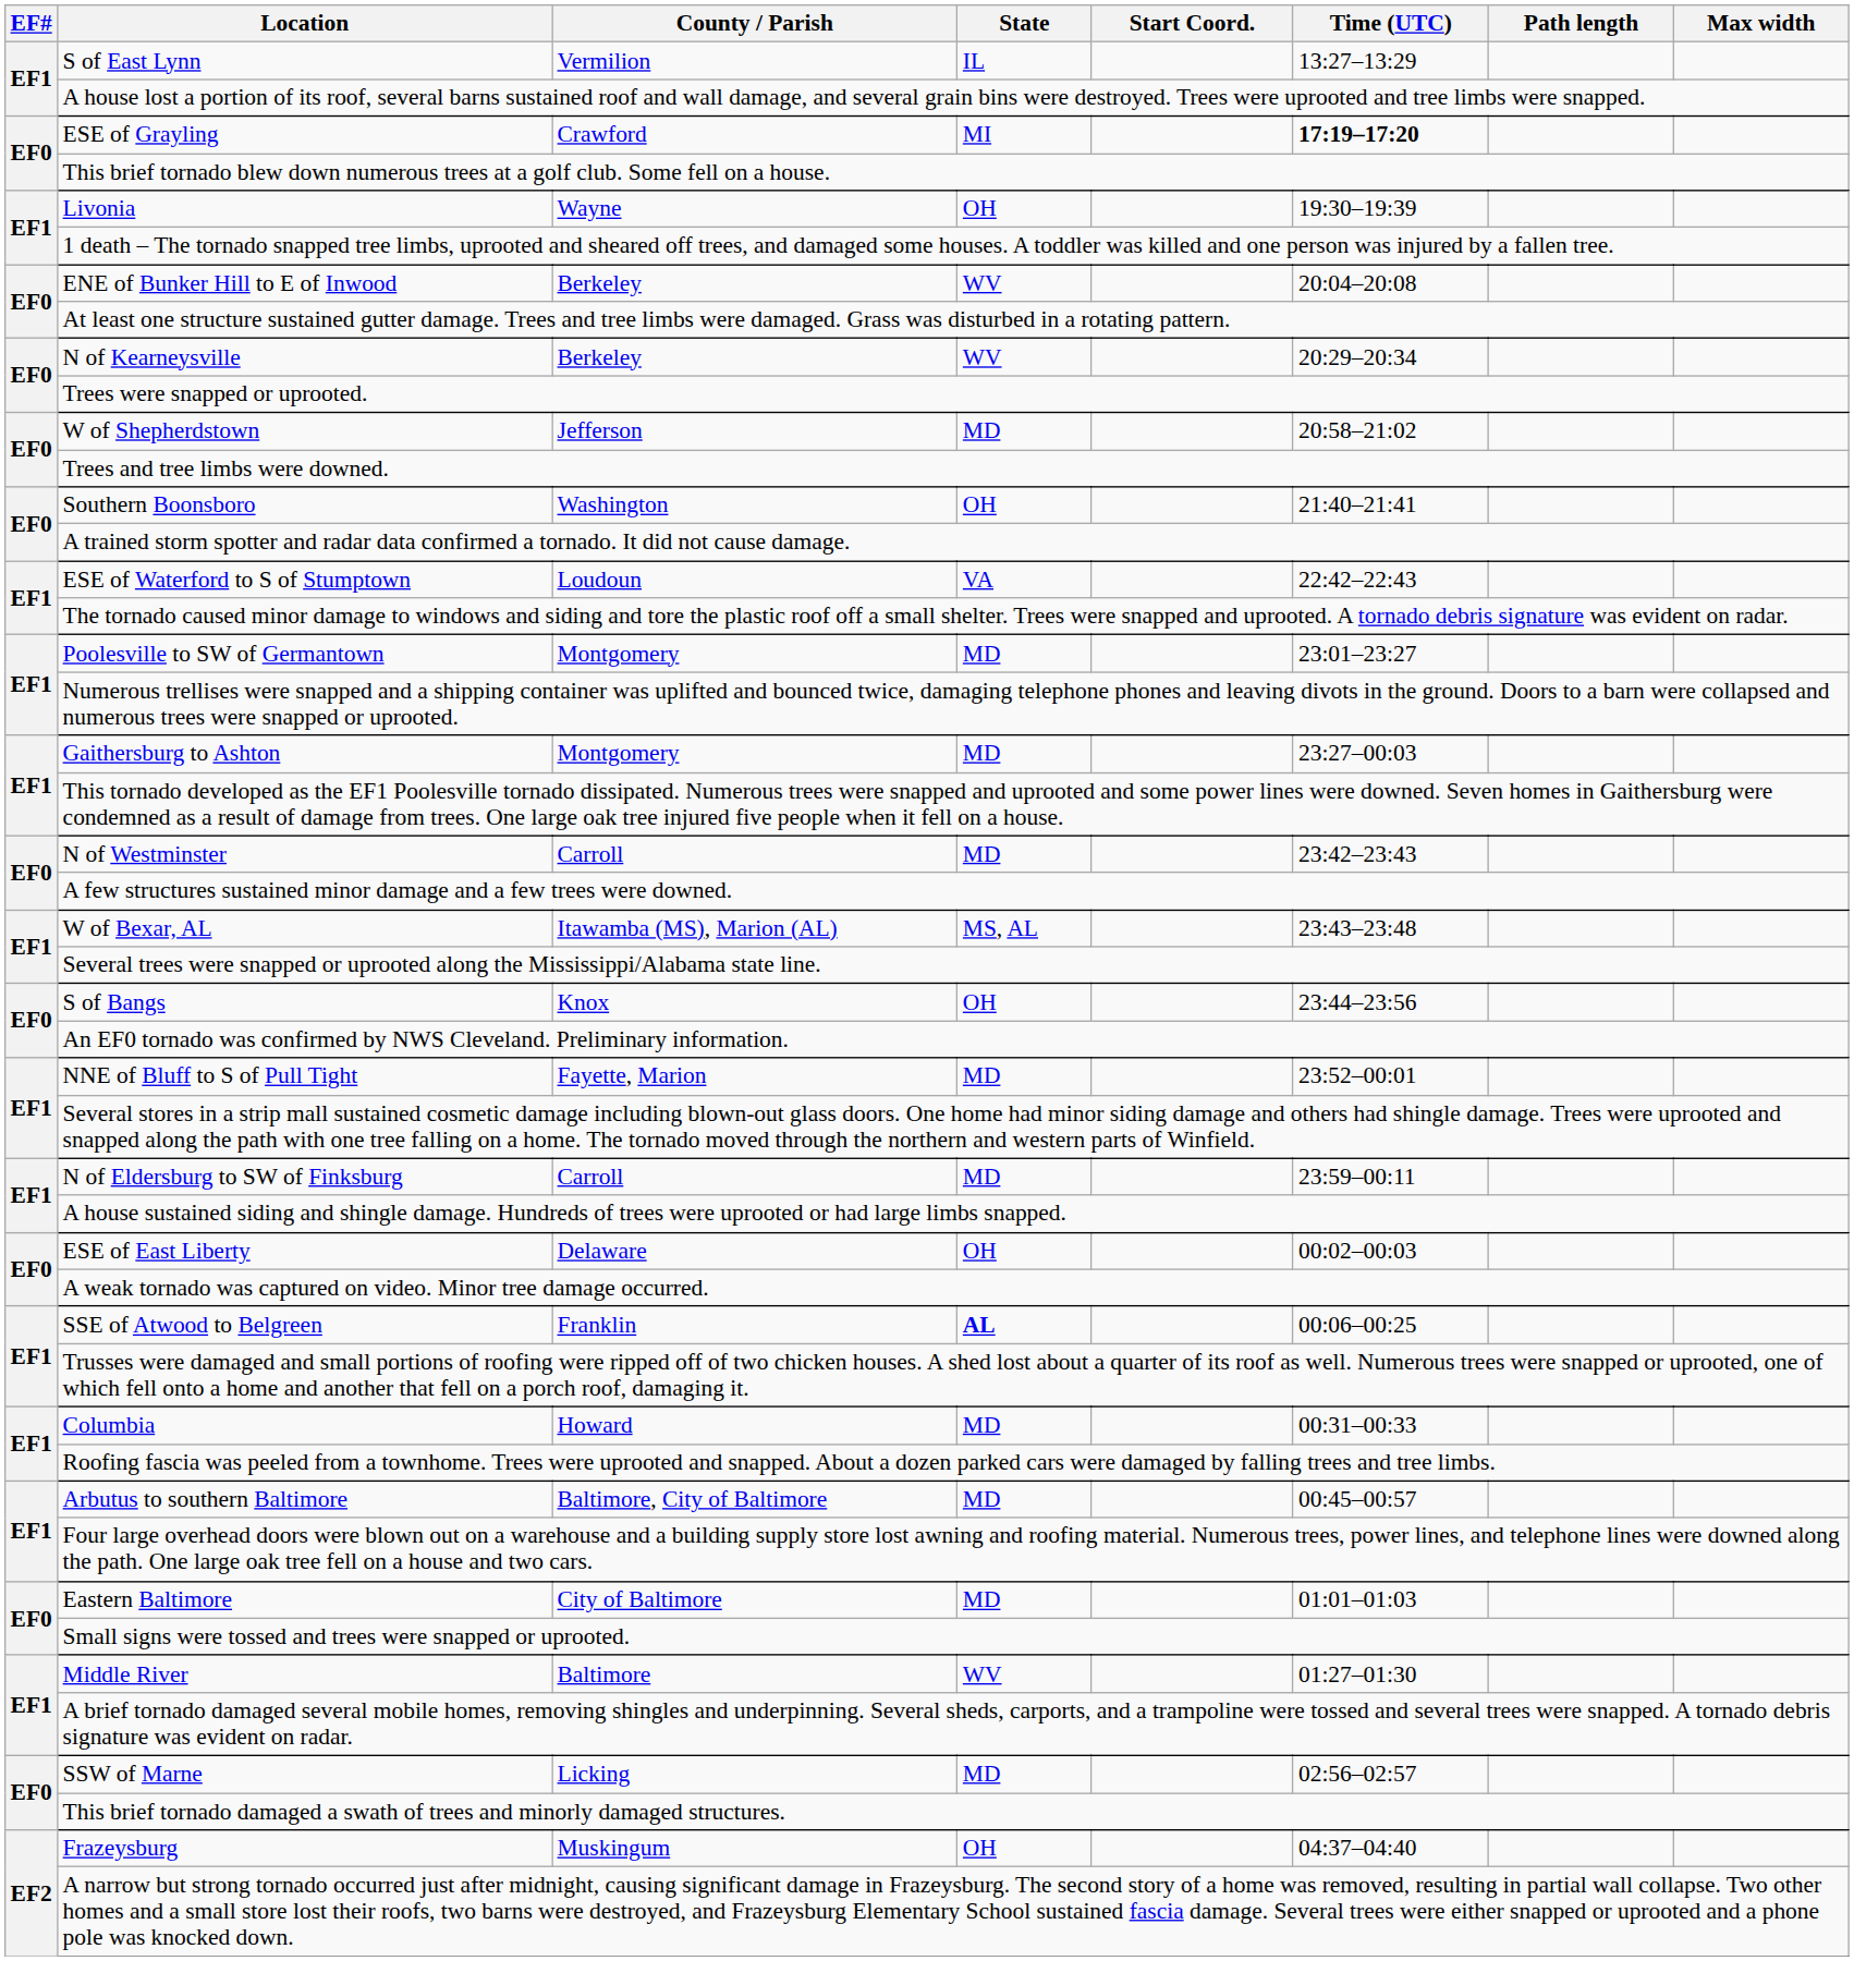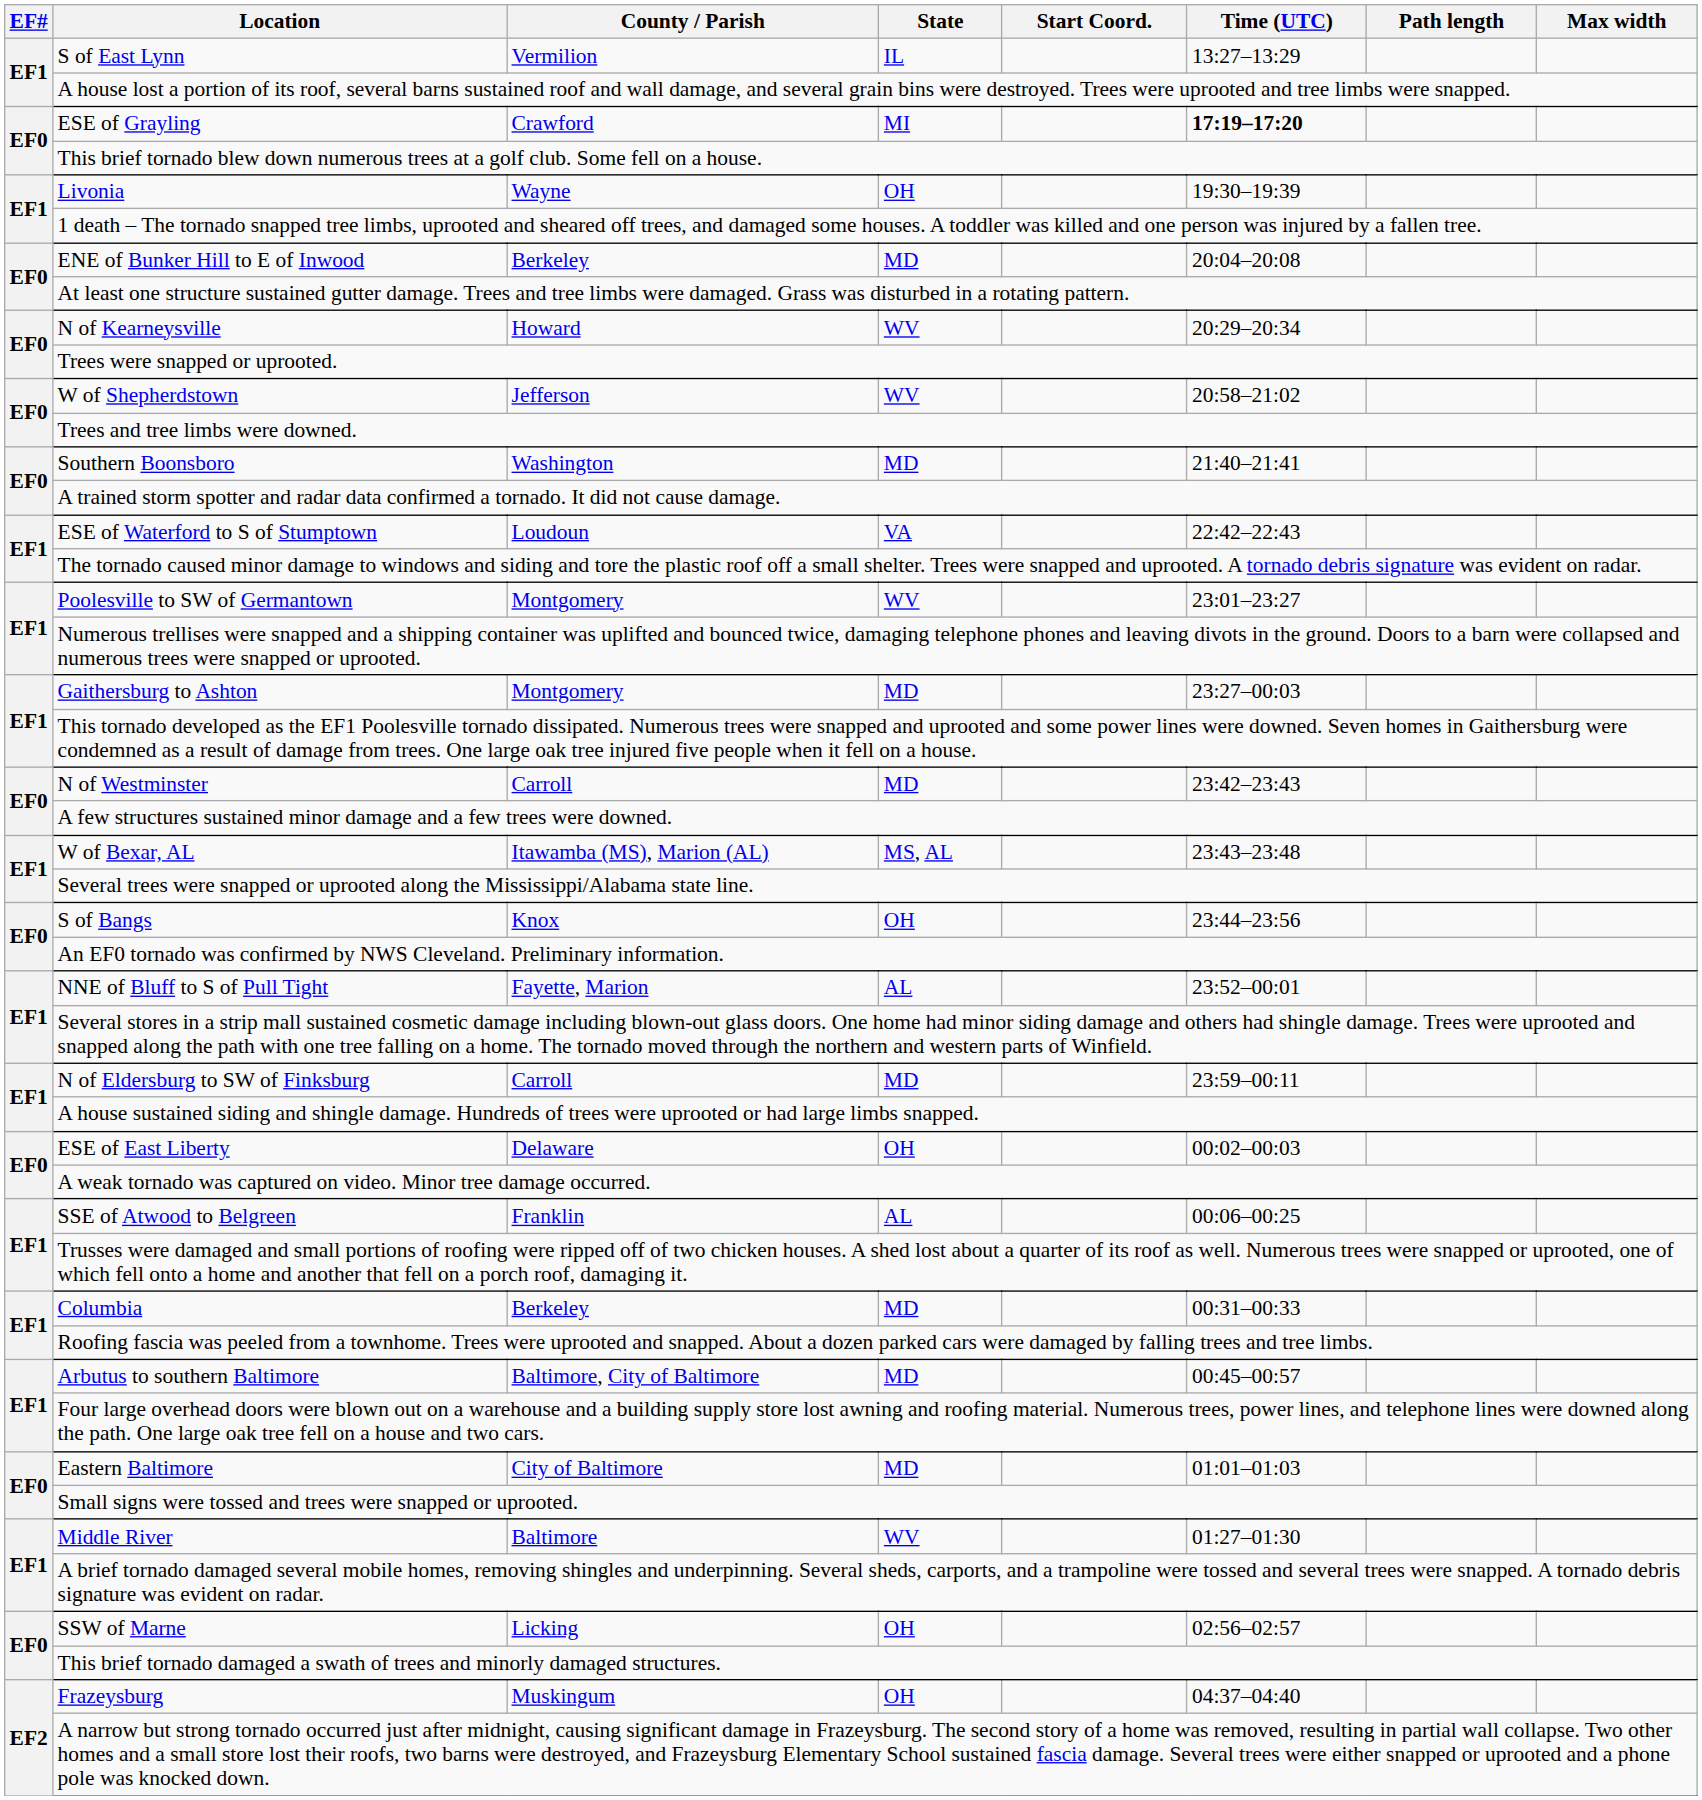 <table class="wikitable sortable" style="width:100%;">
 <tr>
 <th scope="col" width="2%" align="center"><a href='#'>EF#</a></th>
 <th scope="col" align="center" class="unsortable">Location</th>
 <th scope="col" align="center" class="unsortable">County / Parish</th>
 <th scope="col" align="center">State</th>
 <th scope="col" align="center">Start Coord.</th>
 <th scope="col" align="center">Time (<a href='#'>UTC</a>)</th>
 <th scope="col" align="center">Path length</th>
 <th scope="col" align="center">Max width</th>
 </tr>
 <tr>
 <th scope="row" rowspan="2" style="background-color:#">EF1</th>
 <td>S of <a href='#'>East Lynn</a></td>
 <td><a href='#'>Vermilion</a></td>
 <td><a href='#'>IL</a></td>
 <td></td>
 <td>13:27–13:29</td>
 <td></td>
 <td></td>
 </tr>
 <tr class="expand-child">
 <td colspan="8" style=" border-bottom: 1px solid black;">A house lost a portion of its roof, several barns sustained roof and wall damage, and several grain bins were destroyed. Trees were uprooted and tree limbs were snapped.</td>
 </tr>
 <tr>
 <th scope="row" rowspan="2" style="background-color:#">EF0</th>
 <td>ESE of <a href='#'>Grayling</a></td>
 <td><a href='#'>Crawford</a></td>
 <td><a href='#'>MI</a></td>
 <td></td>
 <td><strong>17:19–17:20</strong></td>
 <td></td>
 <td></td>
 </tr>
 <tr class="expand-child">
 <td colspan="8" style=" border-bottom: 1px solid black;">This brief tornado blew down numerous trees at a golf club. Some fell on a house.</td>
 </tr>
 <tr>
 <th scope="row" rowspan="2" style="background-color:#">EF1</th>
 <td><a href='#'>Livonia</a></td>
 <td><a href='#'>Wayne</a></td>
 <td><a href='#'>OH</a></td>
 <td></td>
 <td>19:30–19:39</td>
 <td></td>
 <td></td>
 </tr>
 <tr class="expand-child">
 <td colspan="8" style=" border-bottom: 1px solid black;">1 death – The tornado snapped tree limbs, uprooted and sheared off trees, and damaged some houses. A toddler was killed and one person was injured by a fallen tree.</td>
 </tr>
 <tr>
 <th scope="row" rowspan="2" style="background-color:#">EF0</th>
 <td>ENE of <a href='#'>Bunker Hill</a> to E of <a href='#'>Inwood</a></td>
 <td><a href='#'>Berkeley</a></td>
-<td><a href='#'>WV</a></td>
+<td><a href='#'>MD</a></td>
 <td></td>
 <td>20:04–20:08</td>
 <td></td>
 <td></td>
 </tr>
 <tr class="expand-child">
 <td colspan="8" style=" border-bottom: 1px solid black;">At least one structure sustained gutter damage. Trees and tree limbs were damaged. Grass was disturbed in a rotating pattern.</td>
 </tr>
 <tr>
 <th scope="row" rowspan="2" style="background-color:#">EF0</th>
 <td>N of <a href='#'>Kearneysville</a></td>
-<td><a href='#'>Berkeley</a></td>
+<td><a href='#'>Howard</a></td>
 <td><a href='#'>WV</a></td>
 <td></td>
 <td>20:29–20:34</td>
 <td></td>
 <td></td>
 </tr>
 <tr class="expand-child">
 <td colspan="8" style=" border-bottom: 1px solid black;">Trees were snapped or uprooted.</td>
 </tr>
 <tr>
 <th scope="row" rowspan="2" style="background-color:#">EF0</th>
 <td>W of <a href='#'>Shepherdstown</a></td>
 <td><a href='#'>Jefferson</a></td>
-<td><a href='#'>MD</a></td>
+<td><a href='#'>WV</a></td>
 <td></td>
 <td>20:58–21:02</td>
 <td></td>
 <td></td>
 </tr>
 <tr class="expand-child">
 <td colspan="8" style=" border-bottom: 1px solid black;">Trees and tree limbs were downed.</td>
 </tr>
 <tr>
 <th scope="row" rowspan="2" style="background-color:#">EF0</th>
 <td>Southern <a href='#'>Boonsboro</a></td>
 <td><a href='#'>Washington</a></td>
-<td><a href='#'>OH</a></td>
+<td><a href='#'>MD</a></td>
 <td></td>
 <td>21:40–21:41</td>
 <td></td>
 <td></td>
 </tr>
 <tr class="expand-child">
 <td colspan="8" style=" border-bottom: 1px solid black;">A trained storm spotter and radar data confirmed a tornado. It did not cause damage.</td>
 </tr>
 <tr>
 <th scope="row" rowspan="2" style="background-color:#">EF1</th>
 <td>ESE of <a href='#'>Waterford</a> to S of <a href='#'>Stumptown</a></td>
 <td><a href='#'>Loudoun</a></td>
 <td><a href='#'>VA</a></td>
 <td></td>
 <td>22:42–22:43</td>
 <td></td>
 <td></td>
 </tr>
 <tr class="expand-child">
 <td colspan="8" style=" border-bottom: 1px solid black;">The tornado caused minor damage to windows and siding and tore the plastic roof off a small shelter. Trees were snapped and uprooted. A <a href='#'>tornado debris signature</a> was evident on radar.</td>
 </tr>
 <tr>
 <th scope="row" rowspan="2" style="background-color:#">EF1</th>
 <td><a href='#'>Poolesville</a> to SW of <a href='#'>Germantown</a></td>
 <td><a href='#'>Montgomery</a></td>
-<td><a href='#'>MD</a></td>
+<td><a href='#'>WV</a></td>
 <td></td>
 <td>23:01–23:27</td>
 <td></td>
 <td></td>
 </tr>
 <tr class="expand-child">
 <td colspan="8" style=" border-bottom: 1px solid black;">Numerous trellises were snapped and a  shipping container was uplifted and bounced twice, damaging telephone phones and leaving divots in the ground. Doors to a barn were collapsed and numerous trees were snapped or uprooted.</td>
 </tr>
 <tr>
 <th scope="row" rowspan="2" style="background-color:#">EF1</th>
 <td><a href='#'>Gaithersburg</a> to <a href='#'>Ashton</a></td>
 <td><a href='#'>Montgomery</a></td>
 <td><a href='#'>MD</a></td>
 <td></td>
 <td>23:27–00:03</td>
 <td></td>
 <td></td>
 </tr>
 <tr class="expand-child">
 <td colspan="8" style=" border-bottom: 1px solid black;">This tornado developed as the EF1 Poolesville tornado dissipated. Numerous trees were snapped and uprooted and some power lines were downed. Seven homes in Gaithersburg were condemned as a result of damage from trees. One large oak tree injured five people when it fell on a house.</td>
 </tr>
 <tr>
 <th scope="row" rowspan="2" style="background-color:#">EF0</th>
 <td>N of <a href='#'>Westminster</a></td>
 <td><a href='#'>Carroll</a></td>
 <td><a href='#'>MD</a></td>
 <td></td>
 <td>23:42–23:43</td>
 <td></td>
 <td></td>
 </tr>
 <tr class="expand-child">
 <td colspan="8" style=" border-bottom: 1px solid black;">A few structures sustained minor damage and a few trees were downed.</td>
 </tr>
 <tr>
 <th scope="row" rowspan="2" style="background-color:#">EF1</th>
 <td>W of <a href='#'>Bexar, AL</a></td>
 <td><a href='#'>Itawamba (MS)</a>, <a href='#'>Marion (AL)</a></td>
 <td><a href='#'>MS</a>, <a href='#'>AL</a></td>
 <td></td>
 <td>23:43–23:48</td>
 <td></td>
 <td></td>
 </tr>
 <tr class="expand-child">
 <td colspan="8" style=" border-bottom: 1px solid black;">Several trees were snapped or uprooted along the Mississippi/Alabama state line.</td>
 </tr>
 <tr>
 <th scope="row" rowspan="2" style="background-color:#">EF0</th>
 <td>S of <a href='#'>Bangs</a></td>
 <td><a href='#'>Knox</a></td>
 <td><a href='#'>OH</a></td>
 <td></td>
 <td>23:44–23:56</td>
 <td></td>
 <td></td>
 </tr>
 <tr class="expand-child">
 <td colspan="8" style=" border-bottom: 1px solid black;">An EF0 tornado was confirmed by NWS Cleveland. Preliminary information.</td>
 </tr>
 <tr>
 <th scope="row" rowspan="2" style="background-color:#">EF1</th>
 <td>NNE of <a href='#'>Bluff</a> to S of <a href='#'>Pull Tight</a></td>
 <td><a href='#'>Fayette</a>, <a href='#'>Marion</a></td>
-<td><a href='#'>MD</a></td>
+<td><a href='#'>AL</a></td>
 <td></td>
 <td>23:52–00:01</td>
 <td></td>
 <td></td>
 </tr>
 <tr class="expand-child">
 <td colspan="8" style=" border-bottom: 1px solid black;">Several stores in a strip mall sustained cosmetic damage including blown-out glass doors. One home had minor siding damage and others had shingle damage. Trees were uprooted and snapped along the path with one tree falling on a home. The tornado moved through the northern and western parts of Winfield.</td>
 </tr>
 <tr>
 <th scope="row" rowspan="2" style="background-color:#">EF1</th>
 <td>N of <a href='#'>Eldersburg</a> to SW of <a href='#'>Finksburg</a></td>
 <td><a href='#'>Carroll</a></td>
 <td><a href='#'>MD</a></td>
 <td></td>
 <td>23:59–00:11</td>
 <td></td>
 <td></td>
 </tr>
 <tr class="expand-child">
 <td colspan="8" style=" border-bottom: 1px solid black;">A house sustained siding and shingle damage. Hundreds of trees were uprooted or had large limbs snapped.</td>
 </tr>
 <tr>
 <th scope="row" rowspan="2" style="background-color:#">EF0</th>
 <td>ESE of <a href='#'>East Liberty</a></td>
 <td><a href='#'>Delaware</a></td>
 <td><a href='#'>OH</a></td>
 <td></td>
 <td>00:02–00:03</td>
 <td></td>
 <td></td>
 </tr>
 <tr class="expand-child">
 <td colspan="8" style=" border-bottom: 1px solid black;">A weak tornado was captured on video. Minor tree damage occurred.</td>
 </tr>
 <tr>
 <th scope="row" rowspan="2" style="background-color:#">EF1</th>
 <td>SSE of <a href='#'>Atwood</a> to <a href='#'>Belgreen</a></td>
 <td><a href='#'>Franklin</a></td>
-<td><strong><a href='#'>AL</a></strong></td>
+<td><a href='#'>AL</a></td>
 <td></td>
 <td>00:06–00:25</td>
 <td></td>
 <td></td>
 </tr>
 <tr class="expand-child">
 <td colspan="8" style=" border-bottom: 1px solid black;">Trusses were damaged and small portions of roofing were ripped off of two chicken houses. A shed lost about a quarter of its roof as well. Numerous trees were snapped or uprooted, one of which fell onto a home and another that fell on a porch roof, damaging it.</td>
 </tr>
 <tr>
 <th scope="row" rowspan="2" style="background-color:#">EF1</th>
 <td><a href='#'>Columbia</a></td>
-<td><a href='#'>Howard</a></td>
+<td><a href='#'>Berkeley</a></td>
 <td><a href='#'>MD</a></td>
 <td></td>
 <td>00:31–00:33</td>
 <td></td>
 <td></td>
 </tr>
 <tr class="expand-child">
 <td colspan="8" style=" border-bottom: 1px solid black;">Roofing fascia was peeled from a townhome. Trees were uprooted and snapped. About a dozen parked cars were damaged by falling trees and tree limbs.</td>
 </tr>
 <tr>
 <th scope="row" rowspan="2" style="background-color:#">EF1</th>
 <td><a href='#'>Arbutus</a> to southern <a href='#'>Baltimore</a></td>
 <td><a href='#'>Baltimore</a>, <a href='#'>City of Baltimore</a></td>
 <td><a href='#'>MD</a></td>
 <td></td>
 <td>00:45–00:57</td>
 <td></td>
 <td></td>
 </tr>
 <tr class="expand-child">
 <td colspan="8" style=" border-bottom: 1px solid black;">Four large overhead doors were blown out on a warehouse and a building supply store lost awning and roofing material. Numerous trees, power lines, and telephone lines were downed along the path. One large oak tree fell on a house and two cars.</td>
 </tr>
 <tr>
 <th scope="row" rowspan="2" style="background-color:#">EF0</th>
 <td>Eastern <a href='#'>Baltimore</a></td>
 <td><a href='#'>City of Baltimore</a></td>
 <td><a href='#'>MD</a></td>
 <td></td>
 <td>01:01–01:03</td>
 <td></td>
 <td></td>
 </tr>
 <tr class="expand-child">
 <td colspan="8" style=" border-bottom: 1px solid black;">Small signs were tossed and trees were snapped or uprooted.</td>
 </tr>
 <tr>
 <th scope="row" rowspan="2" style="background-color:#">EF1</th>
 <td><a href='#'>Middle River</a></td>
 <td><a href='#'>Baltimore</a></td>
 <td><a href='#'>WV</a></td>
 <td></td>
 <td>01:27–01:30</td>
 <td></td>
 <td></td>
 </tr>
 <tr class="expand-child">
 <td colspan="8" style=" border-bottom: 1px solid black;">A brief tornado damaged several mobile homes, removing shingles and underpinning. Several sheds, carports, and a trampoline were tossed and several trees were snapped. A tornado debris signature was evident on radar.</td>
 </tr>
 <tr>
 <th scope="row" rowspan="2" style="background-color:#">EF0</th>
 <td>SSW of <a href='#'>Marne</a></td>
 <td><a href='#'>Licking</a></td>
-<td><a href='#'>MD</a></td>
+<td><a href='#'>OH</a></td>
 <td></td>
 <td>02:56–02:57</td>
 <td></td>
 <td></td>
 </tr>
 <tr class="expand-child">
 <td colspan="8" style=" border-bottom: 1px solid black;">This brief tornado damaged a swath of trees and minorly damaged structures.</td>
 </tr>
 <tr>
 <th scope="row" rowspan="2" style="background-color:#">EF2</th>
 <td><a href='#'>Frazeysburg</a></td>
 <td><a href='#'>Muskingum</a></td>
 <td><a href='#'>OH</a></td>
 <td></td>
 <td>04:37–04:40</td>
 <td></td>
 <td></td>
 </tr>
 <tr class="expand-child">
 <td colspan="8" style=" border-bottom: 1px solid black;">A narrow but strong tornado occurred just after midnight, causing significant damage in Frazeysburg. The second story of a home was removed, resulting in partial wall collapse. Two other homes and a small store lost their roofs, two barns were destroyed, and Frazeysburg Elementary School sustained <a href='#'>fascia</a> damage. Several trees were either snapped or uprooted and a phone pole was knocked down.</td>
 </tr>
 <tr>
 </tr>
 </table>
